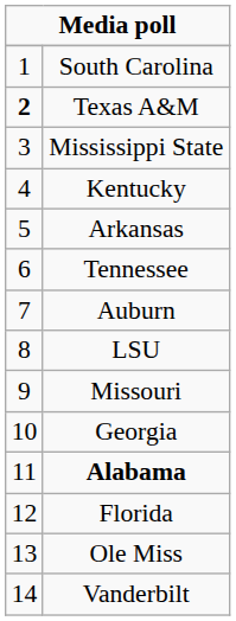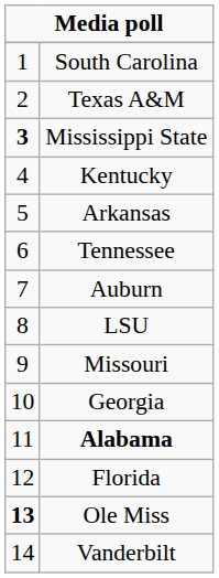 <table class="wikitable">
 <tr align="center">
 <td align="center" Colspan="3"><strong>Media poll</strong></td>
 </tr>
 <tr align="center">
 </tr>
 <tr align="center">
 <td>1</td>
 <td>South Carolina</td>
 </tr>
 <tr align="center">
-<td><strong>2</strong></td>
+<td>2</td>
 <td>Texas A&M</td>
 </tr>
 <tr align="center">
-<td>3</td>
+<td><strong>3</strong></td>
 <td>Mississippi State</td>
 </tr>
 <tr align="center">
 <td>4</td>
 <td>Kentucky</td>
 </tr>
 <tr align="center">
 <td>5</td>
 <td>Arkansas</td>
 </tr>
 <tr align="center">
 <td>6</td>
 <td>Tennessee</td>
 </tr>
 <tr align="center">
 <td>7</td>
 <td>Auburn</td>
 </tr>
 <tr align="center">
 <td>8</td>
 <td>LSU</td>
 </tr>
 <tr align="center">
 <td>9</td>
 <td>Missouri</td>
 </tr>
 <tr align="center">
 <td>10</td>
 <td>Georgia</td>
 </tr>
 <tr align="center">
 <td>11</td>
 <td><strong>Alabama</strong></td>
 </tr>
 <tr align="center">
 <td>12</td>
 <td>Florida</td>
 </tr>
 <tr align="center">
-<td>13</td>
+<td><strong>13</strong></td>
 <td>Ole Miss</td>
 </tr>
 <tr align="center">
 <td>14</td>
 <td>Vanderbilt</td>
 </tr>
 </table>
